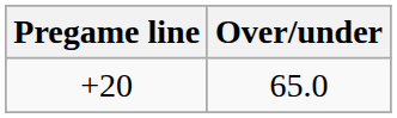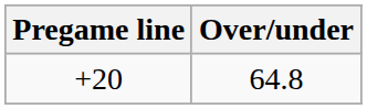 <table class="wikitable" style="margin-left: auto; margin-right: auto; border: none; display: inline-table;">
 <tr align="center">
 <th style=>Pregame line</th>
 <th style=>Over/under</th>
 </tr>
 <tr align="center">
 <td>+20</td>
-<td>65.0</td>
+<td>64.8</td>
 </tr>
 </table>
